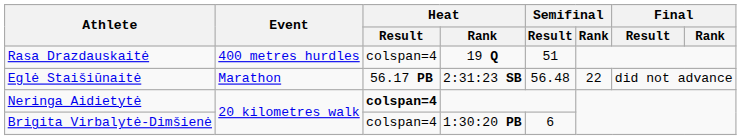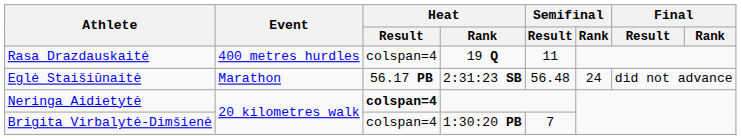 <table class="wikitable" style="font-size:90%">
 <tr>
 <th rowspan="2">Athlete</th>
 <th rowspan="2">Event</th>
 <th colspan="2">Heat</th>
 <th colspan="2">Semifinal</th>
 <th colspan="2">Final</th>
 </tr>
 <tr style="font-size:95%">
 <th>Result</th>
 <th>Rank</th>
 <th>Result</th>
 <th>Rank</th>
 <th>Result</th>
 <th>Rank</th>
 </tr>
 <tr style=text-align:center>
 <td style=text-align:left><a href='#'>Rasa Drazdauskaitė</a></td>
 <td style=text-align:left><a href='#'>400 metres hurdles</a></td>
 <td>colspan=4 </td>
 <td>19 <strong>Q</strong></td>
-<td>51</td>
+<td>11</td>
 </tr>
 <tr style=text-align:center>
 <td style=text-align:left><a href='#'>Eglė Staišiūnaitė</a></td>
 <td style=text-align:left><a href='#'>Marathon</a></td>
 <td>56.17 <strong>PB</strong></td>
 <td>2:31:23 <strong>SB</strong></td>
 <td>56.48</td>
-<td>22</td>
+<td>24</td>
 <td colspan="2">did not advance</td>
 </tr>
 <tr style=text-align:center>
 <td style=text-align:left><a href='#'>Neringa Aidietytė</a></td>
 <td style=text-align:left rowspan=2><a href='#'>20 kilometres walk</a></td>
 <td><strong>colspan=4 </strong></td>
 <td colspan=2></td>
 </tr>
 <tr style=text-align:center>
 <td style=text-align:left><a href='#'>Brigita Virbalytė-Dimšienė</a></td>
 <td>colspan=4 </td>
 <td>1:30:20 <strong>PB</strong></td>
-<td>6</td>
+<td>7</td>
 </tr>
 </table>
